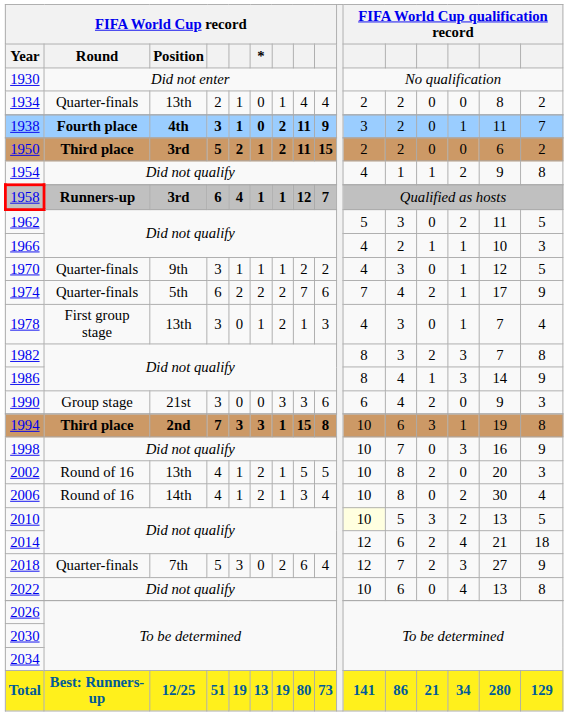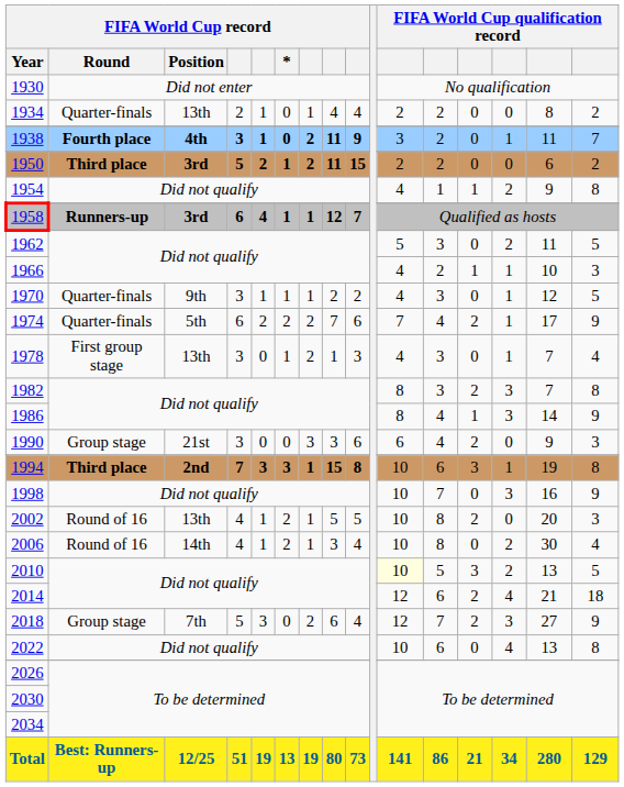 <table class="wikitable" style="text-align: center;">
 <tr>
 <th colspan=9><a href='#'>FIFA World Cup</a> record</th>
 <th width=1% rowspan=37></th>
 <th colspan=6><a href='#'>FIFA World Cup qualification</a> record</th>
 </tr>
 <tr>
 <th>Year</th>
 <th>Round</th>
 <th>Position</th>
 <th></th>
 <th></th>
 <th>*</th>
 <th></th>
 <th></th>
 <th></th>
 <th></th>
 <th></th>
 <th></th>
 <th></th>
 <th></th>
 <th></th>
 </tr>
 <tr>
 <td> <a href='#'>1930</a></td>
 <td colspan=8 rowspan=1><em>Did not enter</em></td>
 <td colspan=6 rowspan=1><em>No qualification</em></td>
 </tr>
 <tr>
 <td> <a href='#'>1934</a></td>
 <td>Quarter-finals</td>
 <td>13th</td>
 <td>2</td>
 <td>1</td>
 <td>0</td>
 <td>1</td>
 <td>4</td>
 <td>4</td>
 <td>2</td>
 <td>2</td>
 <td>0</td>
 <td>0</td>
 <td>8</td>
 <td>2</td>
 </tr>
 <tr>
 </tr>
 <tr bgcolor=#9acdff>
 <td> <a href='#'>1938</a></td>
 <td><strong>Fourth place</strong></td>
 <td><strong>4th</strong></td>
 <td><strong>3</strong></td>
 <td><strong>1</strong></td>
 <td><strong>0</strong></td>
 <td><strong>2</strong></td>
 <td><strong>11</strong></td>
 <td><strong>9</strong></td>
 <td>3</td>
 <td>2</td>
 <td>0</td>
 <td>1</td>
 <td>11</td>
 <td>7</td>
 </tr>
 <tr>
 </tr>
 <tr bgcolor="#cc9966">
 <td> <a href='#'>1950</a></td>
 <td><strong>Third place</strong></td>
 <td><strong>3rd</strong></td>
 <td><strong>5</strong></td>
 <td><strong>2</strong></td>
 <td><strong>1</strong></td>
 <td><strong>2</strong></td>
 <td><strong>11</strong></td>
 <td><strong>15</strong></td>
 <td>2</td>
 <td>2</td>
 <td>0</td>
 <td>0</td>
 <td>6</td>
 <td>2</td>
 </tr>
 <tr>
 <td> <a href='#'>1954</a></td>
 <td colspan=8><em>Did not qualify</em></td>
 <td>4</td>
 <td>1</td>
 <td>1</td>
 <td>2</td>
 <td>9</td>
 <td>8</td>
 </tr>
 <tr>
 </tr>
 <tr bgcolor=silver>
 <td style="border: 3px solid red"> <a href='#'>1958</a></td>
 <td><strong>Runners-up</strong></td>
 <td><strong>3rd</strong></td>
 <td><strong>6</strong></td>
 <td><strong>4</strong></td>
 <td><strong>1</strong></td>
 <td><strong>1</strong></td>
 <td><strong>12</strong></td>
 <td><strong>7</strong></td>
 <td colspan=6><em>Qualified as hosts</em></td>
 </tr>
 <tr>
 <td> <a href='#'>1962</a></td>
 <td colspan=8 rowspan=2><em>Did not qualify</em></td>
 <td>5</td>
 <td>3</td>
 <td>0</td>
 <td>2</td>
 <td>11</td>
 <td>5</td>
 </tr>
 <tr>
 <td> <a href='#'>1966</a></td>
 <td>4</td>
 <td>2</td>
 <td>1</td>
 <td>1</td>
 <td>10</td>
 <td>3</td>
 </tr>
 <tr>
 <td> <a href='#'>1970</a></td>
 <td>Quarter-finals</td>
 <td>9th</td>
 <td>3</td>
 <td>1</td>
 <td>1</td>
 <td>1</td>
 <td>2</td>
 <td>2</td>
 <td>4</td>
 <td>3</td>
 <td>0</td>
 <td>1</td>
 <td>12</td>
 <td>5</td>
 </tr>
 <tr>
 <td> <a href='#'>1974</a></td>
 <td>Quarter-finals</td>
 <td>5th</td>
 <td>6</td>
 <td>2</td>
 <td>2</td>
 <td>2</td>
 <td>7</td>
 <td>6</td>
 <td>7</td>
 <td>4</td>
 <td>2</td>
 <td>1</td>
 <td>17</td>
 <td>9</td>
 </tr>
 <tr>
 <td> <a href='#'>1978</a></td>
 <td>First group stage</td>
 <td>13th</td>
 <td>3</td>
 <td>0</td>
 <td>1</td>
 <td>2</td>
 <td>1</td>
 <td>3</td>
 <td>4</td>
 <td>3</td>
 <td>0</td>
 <td>1</td>
 <td>7</td>
 <td>4</td>
 </tr>
 <tr>
 <td> <a href='#'>1982</a></td>
 <td colspan=8 rowspan=2><em>Did not qualify</em></td>
 <td>8</td>
 <td>3</td>
 <td>2</td>
 <td>3</td>
 <td>7</td>
 <td>8</td>
 </tr>
 <tr>
 <td> <a href='#'>1986</a></td>
 <td>8</td>
 <td>4</td>
 <td>1</td>
 <td>3</td>
 <td>14</td>
 <td>9</td>
 </tr>
 <tr>
 <td> <a href='#'>1990</a></td>
 <td>Group stage</td>
 <td>21st</td>
 <td>3</td>
 <td>0</td>
 <td>0</td>
 <td>3</td>
 <td>3</td>
 <td>6</td>
 <td>6</td>
 <td>4</td>
 <td>2</td>
 <td>0</td>
 <td>9</td>
 <td>3</td>
 </tr>
 <tr>
 </tr>
 <tr bgcolor="#cc9966">
 <td> <a href='#'>1994</a></td>
 <td><strong>Third place</strong></td>
 <td><strong>2nd</strong></td>
 <td><strong>7</strong></td>
 <td><strong>3</strong></td>
 <td><strong>3</strong></td>
 <td><strong>1</strong></td>
 <td><strong>15</strong></td>
 <td><strong>8</strong></td>
 <td>10</td>
 <td>6</td>
 <td>3</td>
 <td>1</td>
 <td>19</td>
 <td>8</td>
 </tr>
 <tr>
 <td> <a href='#'>1998</a></td>
 <td colspan=8><em>Did not qualify</em></td>
 <td>10</td>
 <td>7</td>
 <td>0</td>
 <td>3</td>
 <td>16</td>
 <td>9</td>
 </tr>
 <tr>
 <td>  <a href='#'>2002</a></td>
 <td>Round of 16</td>
 <td>13th</td>
 <td>4</td>
 <td>1</td>
 <td>2</td>
 <td>1</td>
 <td>5</td>
 <td>5</td>
 <td>10</td>
 <td>8</td>
 <td>2</td>
 <td>0</td>
 <td>20</td>
 <td>3</td>
 </tr>
 <tr>
 <td> <a href='#'>2006</a></td>
 <td>Round of 16</td>
 <td>14th</td>
 <td>4</td>
 <td>1</td>
 <td>2</td>
 <td>1</td>
 <td>3</td>
 <td>4</td>
 <td>10</td>
 <td>8</td>
 <td>0</td>
 <td>2</td>
 <td>30</td>
 <td>4</td>
 </tr>
 <tr>
 <td> <a href='#'>2010</a></td>
 <td colspan=8 rowspan=2><em>Did not qualify</em></td>
 <td style="background: lightyellow;">10</td>
 <td>5</td>
 <td>3</td>
 <td>2</td>
 <td>13</td>
 <td>5</td>
 </tr>
 <tr>
 <td> <a href='#'>2014</a></td>
 <td>12</td>
 <td>6</td>
 <td>2</td>
 <td>4</td>
 <td>21</td>
 <td>18</td>
 </tr>
 <tr>
 <td> <a href='#'>2018</a></td>
-<td>Quarter-finals</td>
+<td>Group stage</td>
 <td>7th</td>
 <td>5</td>
 <td>3</td>
 <td>0</td>
 <td>2</td>
 <td>6</td>
 <td>4</td>
 <td>12</td>
 <td>7</td>
 <td>2</td>
 <td>3</td>
 <td>27</td>
 <td>9</td>
 </tr>
 <tr>
 <td> <a href='#'>2022</a></td>
 <td colspan=8><em>Did not qualify</em></td>
 <td>10</td>
 <td>6</td>
 <td>0</td>
 <td>4</td>
 <td>13</td>
 <td>8</td>
 </tr>
 <tr>
 </tr>
 <tr>
 <td>   <a href='#'>2026</a></td>
 <td colspan=8 rowspan=3><em>To be determined</em></td>
 <td colspan=6 rowspan=3><em>To be determined</em></td>
 </tr>
 <tr>
 <td>   <a href='#'>2030</a></td>
 </tr>
 <tr>
 <td> <a href='#'>2034</a></td>
 </tr>
 <tr>
 <td style="background:#FFF01C; color:#005B99; "><strong>Total</strong></td>
 <td style="background:#FFF01C; color:#005B99; "><strong>Best: Runners-up</strong></td>
 <td style="background:#FFF01C; color:#005B99; "><strong>12/25</strong></td>
 <td style="background:#FFF01C; color:#005B99; "><strong>51</strong></td>
 <td style="background:#FFF01C; color:#005B99; "><strong>19</strong></td>
 <td style="background:#FFF01C; color:#005B99; "><strong>13</strong></td>
 <td style="background:#FFF01C; color:#005B99; "><strong>19</strong></td>
 <td style="background:#FFF01C; color:#005B99; "><strong>80</strong></td>
 <td style="background:#FFF01C; color:#005B99; "><strong>73</strong></td>
 <td style="background:#FFF01C; color:#005B99; "><strong>141</strong></td>
 <td style="background:#FFF01C; color:#005B99; "><strong>86</strong></td>
 <td style="background:#FFF01C; color:#005B99; "><strong>21</strong></td>
 <td style="background:#FFF01C; color:#005B99; "><strong>34</strong></td>
 <td style="background:#FFF01C; color:#005B99; "><strong>280</strong></td>
 <td style="background:#FFF01C; color:#005B99; "><strong>129</strong></td>
 </tr>
 </table>
